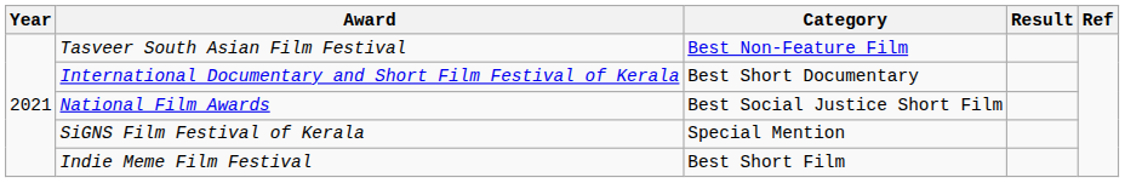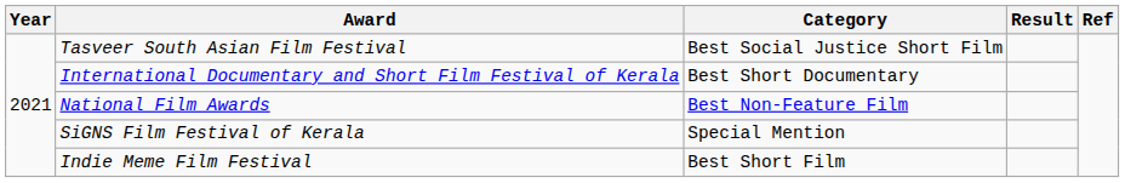 <table class="wikitable">
 <tr>
 <th>Year</th>
 <th>Award</th>
 <th>Category</th>
 <th>Result</th>
 <th>Ref</th>
 </tr>
 <tr>
 <td rowspan="5">2021</td>
 <td><em>Tasveer South Asian Film Festival</em></td>
-<td><a href='#'>Best Non-Feature Film</a></td>
+<td>Best Social Justice Short Film</td>
 <td></td>
 <td rowspan="5"></td>
 </tr>
 <tr>
 <td><em><a href='#'>International Documentary and Short Film Festival of Kerala</a></em></td>
 <td>Best Short Documentary</td>
 <td></td>
 </tr>
 <tr>
 <td><em><a href='#'>National Film Awards</a></em></td>
-<td>Best Social Justice Short Film</td>
+<td><a href='#'>Best Non-Feature Film</a></td>
 <td></td>
 </tr>
 <tr>
 <td><em>SiGNS Film Festival of Kerala</em></td>
 <td>Special Mention</td>
 <td></td>
 </tr>
 <tr>
 <td><em>Indie Meme Film Festival</em></td>
 <td>Best Short Film</td>
 <td></td>
 </tr>
 </table>
